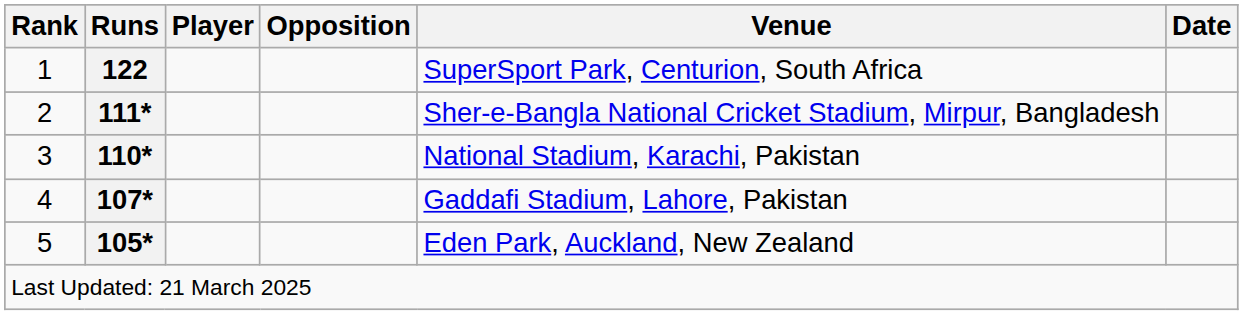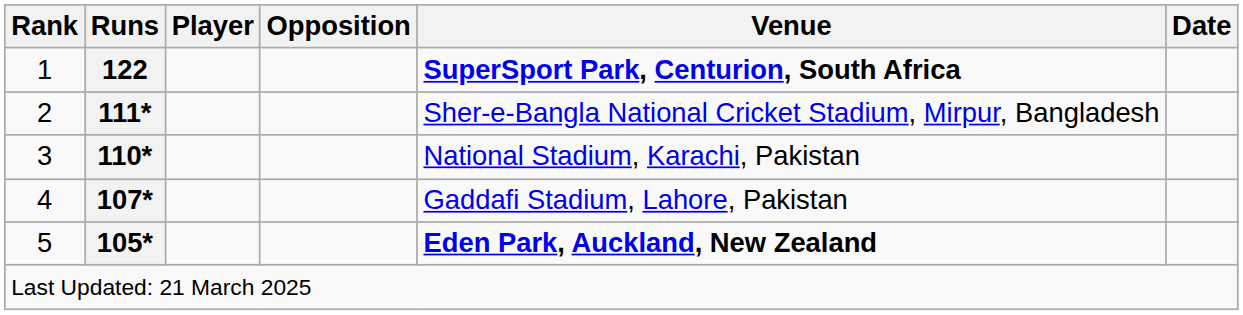 <table class="wikitable plainrowheaders sortable">
 <tr>
 <th scope=col>Rank</th>
 <th scope=col>Runs</th>
 <th scope=col>Player</th>
 <th scope=col>Opposition</th>
 <th scope=col>Venue</th>
 <th scope=col>Date</th>
 </tr>
 <tr>
 <td align="center">1</td>
 <th scope="row" style="text-align:center;">122</th>
 <td></td>
 <td></td>
-<td><a href='#'>SuperSport Park</a>, <a href='#'>Centurion</a>, South Africa</td>
+<td><strong><a href='#'>SuperSport Park</a>, <a href='#'>Centurion</a>, South Africa</strong></td>
 <td></td>
 </tr>
 <tr>
 <td align=center>2</td>
 <th scope=row style=text-align:center;>111*</th>
 <td></td>
 <td></td>
 <td><a href='#'>Sher-e-Bangla National Cricket Stadium</a>, <a href='#'>Mirpur</a>, Bangladesh</td>
 <td> </td>
 </tr>
 <tr>
 <td align="center">3</td>
 <th scope="row" style="text-align:center;">110*</th>
 <td></td>
 <td></td>
 <td><a href='#'>National Stadium</a>, <a href='#'>Karachi</a>, Pakistan</td>
 <td></td>
 </tr>
 <tr>
 <td align="center">4</td>
 <th scope="row" style="text-align:center;">107*</th>
 <td></td>
 <td></td>
 <td><a href='#'>Gaddafi Stadium</a>, <a href='#'>Lahore</a>, Pakistan</td>
 <td></td>
 </tr>
 <tr>
 <td align="center">5</td>
 <th scope="row" style="text-align:center;">105*</th>
 <td></td>
 <td></td>
-<td><a href='#'>Eden Park</a>, <a href='#'>Auckland</a>, New Zealand</td>
+<td><strong><a href='#'>Eden Park</a>, <a href='#'>Auckland</a>, New Zealand</strong></td>
 <td></td>
 </tr>
 <tr class=sortbottom>
 <td colspan=6><small>Last Updated: 21 March 2025</small></td>
 </tr>
 </table>
